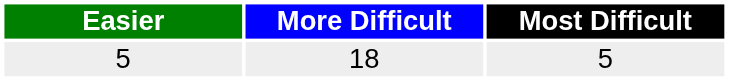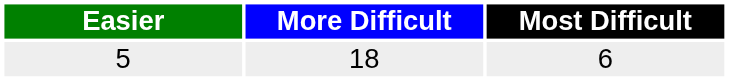 <table ->
 <tr>
 <th width=25% style="background:green; color:white;">Easier</th>
 <th width=25% style="background:blue; color:white;">More Difficult</th>
 <th width=25% style="background:black; color:white;">Most Difficult</th>
 </tr>
 <tr bgcolor="#eeeeee" align="center">
 <td>5</td>
 <td>18</td>
-<td>5</td>
+<td>6</td>
 </tr>
 </table>
